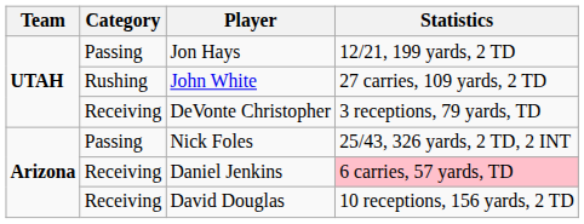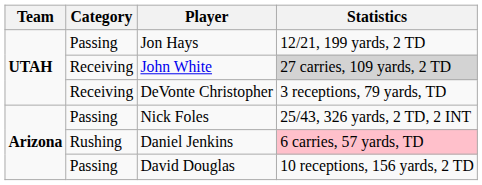 <table class="wikitable" style="float: right;">
 <tr>
 <th>Team</th>
 <th>Category</th>
 <th>Player</th>
 <th>Statistics</th>
 </tr>
 <tr>
 <td rowspan=3><strong>UTAH</strong></td>
 <td>Passing</td>
 <td>Jon Hays</td>
 <td>12/21, 199 yards, 2 TD</td>
 </tr>
 <tr>
-<td>Rushing</td>
+<td>Receiving</td>
 <td><a href='#'>John White</a></td>
-<td>27 carries, 109 yards, 2 TD</td>
+<td style="background: lightgrey;">27 carries, 109 yards, 2 TD</td>
 </tr>
 <tr>
 <td>Receiving</td>
 <td>DeVonte Christopher</td>
 <td>3 receptions, 79 yards, TD</td>
 </tr>
 <tr>
 <td rowspan=3><strong>Arizona</strong></td>
 <td>Passing</td>
 <td>Nick Foles</td>
 <td>25/43, 326 yards, 2 TD, 2 INT</td>
 </tr>
 <tr>
-<td>Receiving</td>
+<td>Rushing</td>
 <td>Daniel Jenkins</td>
 <td style="background: pink;">6 carries, 57 yards, TD</td>
 </tr>
 <tr>
-<td>Receiving</td>
+<td>Passing</td>
 <td>David Douglas</td>
 <td>10 receptions, 156 yards, 2 TD</td>
 </tr>
 </table>
